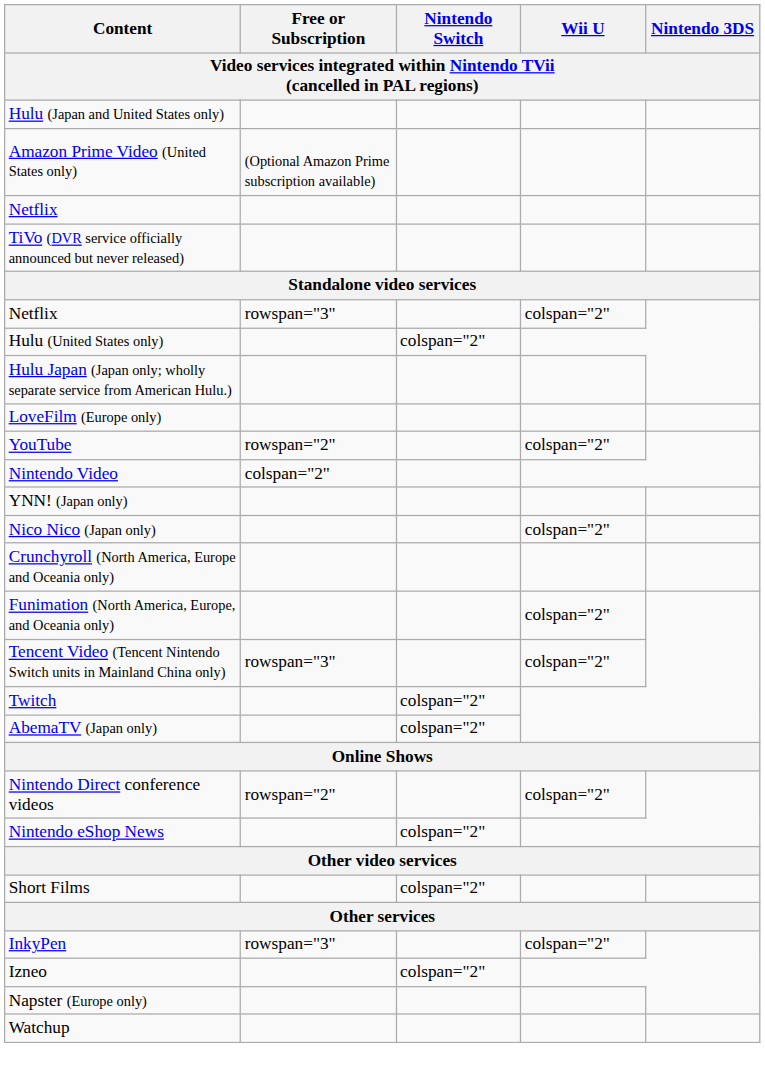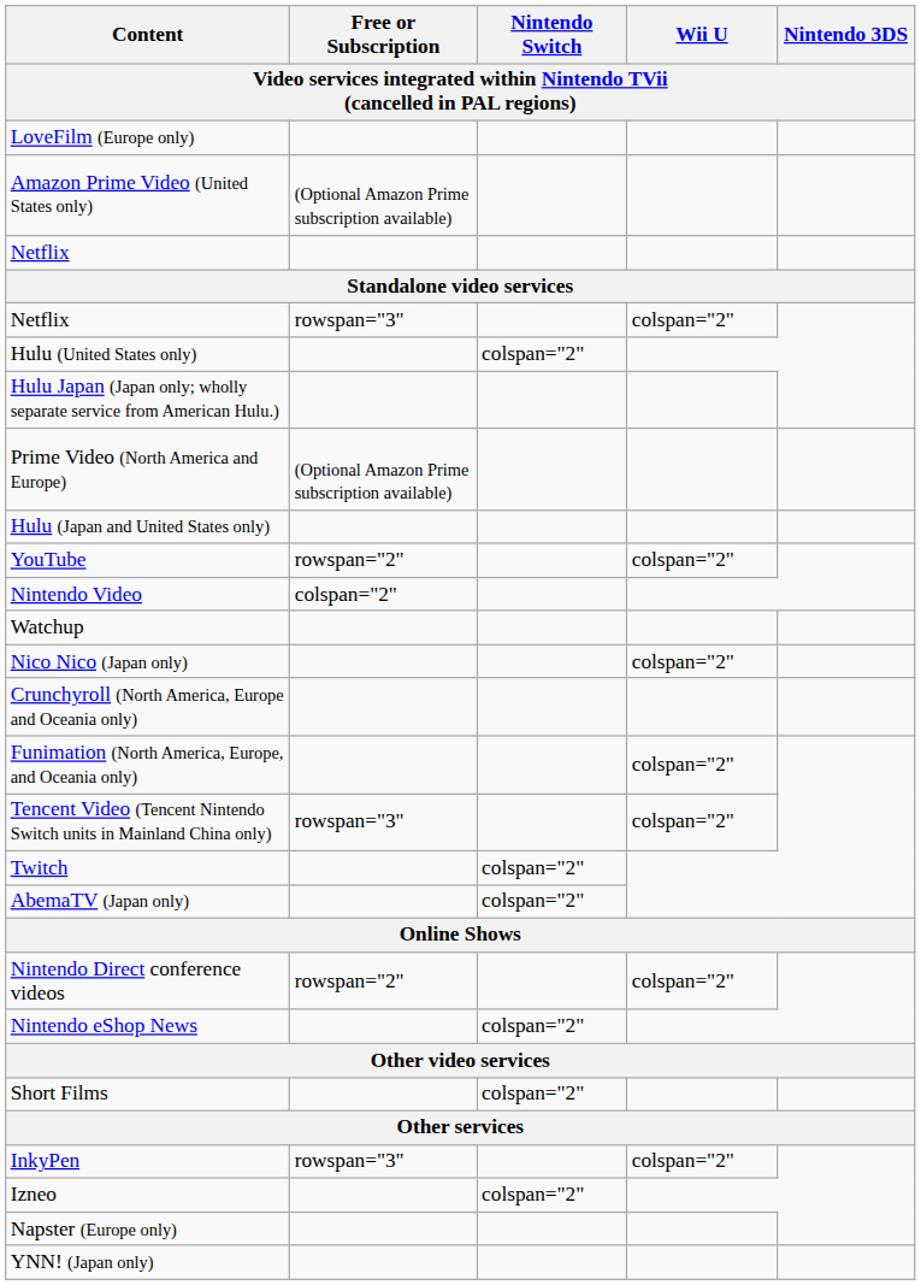 <table class="wikitable" style="font-size: 87%;">
 <tr>
 <th style="width:350px;">Content</th>
 <th style="width:180px;">Free or Subscription</th>
 <th style="width:130px;"><a href='#'>Nintendo Switch</a></th>
 <th style="width:130px;"><a href='#'>Wii U</a></th>
 <th style="width:130px;"><a href='#'>Nintendo 3DS</a></th>
 </tr>
 <tr>
 <th colspan="5">Video services integrated within <a href='#'>Nintendo TVii</a><br>(cancelled in PAL regions)</th>
 </tr>
 <tr>
-<td><a href='#'>Hulu</a> <small>(Japan and United States only)</small></td>
+<td><a href='#'>LoveFilm</a> <small>(Europe only)</small></td>
 <td></td>
 <td></td>
 <td></td>
 <td></td>
 </tr>
 <tr>
 <td><a href='#'>Amazon Prime Video</a> <small>(United States only)</small></td>
 <td><br><small>(Optional Amazon Prime subscription available)</small></td>
 <td></td>
 <td></td>
 <td></td>
 </tr>
 <tr>
 <td><a href='#'>Netflix</a></td>
-<td></td>
-<td></td>
-<td></td>
-<td></td>
-</tr>
-<tr>
-<td><a href='#'>TiVo</a> <small>(<a href='#'>DVR</a> service officially announced but never released)</small></td>
 <td></td>
 <td></td>
 <td></td>
 <td></td>
 </tr>
 <tr>
 <th colspan="5">Standalone video services</th>
 </tr>
 <tr>
 <td>Netflix</td>
 <td>rowspan="3" </td>
 <td></td>
 <td>colspan="2" </td>
 </tr>
 <tr>
 <td>Hulu <small>(United States only)</small></td>
 <td></td>
 <td>colspan="2" </td>
 </tr>
 <tr>
 <td><a href='#'>Hulu Japan</a> <small>(Japan only; wholly separate service from American Hulu.)</small></td>
 <td></td>
 <td></td>
 <td></td>
 </tr>
 <tr>
-<td><a href='#'>LoveFilm</a> <small>(Europe only)</small></td>
+<td>Prime Video <small>(North America and Europe)</small></td>
+<td><br><small>(Optional Amazon Prime subscription available)</small></td>
+<td></td>
+<td></td>
+<td></td>
+</tr>
+<tr>
+<td><a href='#'>Hulu</a> <small>(Japan and United States only)</small></td>
 <td></td>
 <td></td>
 <td></td>
 <td></td>
 </tr>
 <tr>
 <td><a href='#'>YouTube</a></td>
 <td>rowspan="2" </td>
 <td></td>
 <td>colspan="2" </td>
 </tr>
 <tr>
 <td><a href='#'>Nintendo Video</a></td>
 <td>colspan="2" </td>
 <td></td>
 </tr>
 <tr>
-<td>YNN! <small>(Japan only)</small></td>
+<td>Watchup</td>
 <td></td>
 <td></td>
 <td></td>
 <td></td>
 </tr>
 <tr>
 <td><a href='#'>Nico Nico</a> <small>(Japan only)</small></td>
 <td></td>
 <td></td>
 <td>colspan="2" </td>
 </tr>
 <tr>
 <td><a href='#'>Crunchyroll</a> <small>(North America, Europe and Oceania only)</small></td>
 <td></td>
 <td></td>
 <td></td>
 <td></td>
 </tr>
 <tr>
 <td><a href='#'>Funimation</a> <small>(North America, Europe, and Oceania only)</small></td>
 <td></td>
 <td></td>
 <td>colspan="2" </td>
 </tr>
 <tr>
 <td><a href='#'>Tencent Video</a> <small>(Tencent Nintendo Switch units in Mainland China only)</small></td>
 <td>rowspan="3" </td>
 <td></td>
 <td>colspan="2" </td>
 </tr>
 <tr>
 <td><a href='#'>Twitch</a></td>
 <td></td>
 <td>colspan="2" </td>
 </tr>
 <tr>
 <td><a href='#'>AbemaTV</a> <small>(Japan only)</small></td>
 <td></td>
 <td>colspan="2" </td>
 </tr>
 <tr>
 <th colspan="5">Online Shows</th>
 </tr>
 <tr>
 <td><a href='#'>Nintendo Direct</a> conference videos</td>
 <td>rowspan="2" </td>
 <td></td>
 <td>colspan="2" </td>
 </tr>
 <tr>
 <td><a href='#'>Nintendo eShop News</a></td>
 <td></td>
 <td>colspan="2" </td>
 </tr>
 <tr>
 <th colspan="5">Other video services</th>
 </tr>
 <tr>
 <td>Short Films</td>
 <td></td>
 <td>colspan="2" </td>
 <td></td>
 </tr>
 <tr>
 <th colspan="5">Other services</th>
 </tr>
 <tr>
 <td><a href='#'>InkyPen</a></td>
 <td>rowspan="3" </td>
 <td></td>
 <td>colspan="2" </td>
 </tr>
 <tr>
 <td>Izneo</td>
 <td></td>
 <td>colspan="2" </td>
 </tr>
 <tr>
 <td>Napster <small>(Europe only)</small></td>
 <td></td>
 <td></td>
 <td></td>
 </tr>
 <tr>
-<td>Watchup</td>
+<td>YNN! <small>(Japan only)</small></td>
 <td></td>
 <td></td>
 <td></td>
 <td></td>
 </tr>
 </table>
